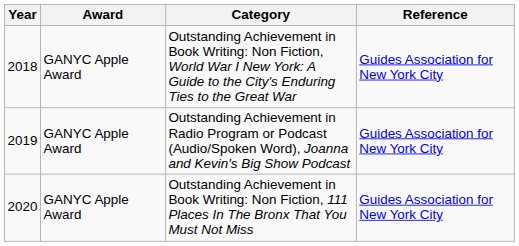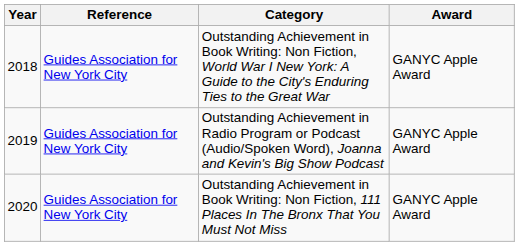 <table class="wikitable">
 <tr>
 <th width=20>Year</th>
+<th width=250>Reference</th>
+<th width=300>Category</th>
 <th width=200>Award</th>
-<th width=300>Category</th>
-<th width=250>Reference</th>
 </tr>
 <tr>
 <td>2018</td>
+<td><a href='#'>Guides Association for New York City</a></td>
+<td>Outstanding Achievement in Book Writing: Non Fiction, <em>World War I New York: A Guide to the City's Enduring Ties to the Great War</em></td>
 <td>GANYC Apple Award</td>
-<td>Outstanding Achievement in Book Writing: Non Fiction, <em>World War I New York: A Guide to the City's Enduring Ties to the Great War</em></td>
-<td><a href='#'>Guides Association for New York City</a></td>
 </tr>
 <tr>
 <td>2019</td>
+<td><a href='#'>Guides Association for New York City</a></td>
+<td>Outstanding Achievement in Radio Program or Podcast (Audio/Spoken Word), <em>Joanna and Kevin's Big Show Podcast</em></td>
 <td>GANYC Apple Award</td>
-<td>Outstanding Achievement in Radio Program or Podcast (Audio/Spoken Word), <em>Joanna and Kevin's Big Show Podcast</em></td>
-<td><a href='#'>Guides Association for New York City</a></td>
 </tr>
 <tr>
 <td>2020</td>
+<td><a href='#'>Guides Association for New York City</a></td>
+<td>Outstanding Achievement in Book Writing: Non Fiction, <em>111 Places In The Bronx That You Must Not Miss</em></td>
 <td>GANYC Apple Award</td>
-<td>Outstanding Achievement in Book Writing: Non Fiction, <em>111 Places In The Bronx That You Must Not Miss</em></td>
-<td><a href='#'>Guides Association for New York City</a></td>
 </tr>
 </table>
